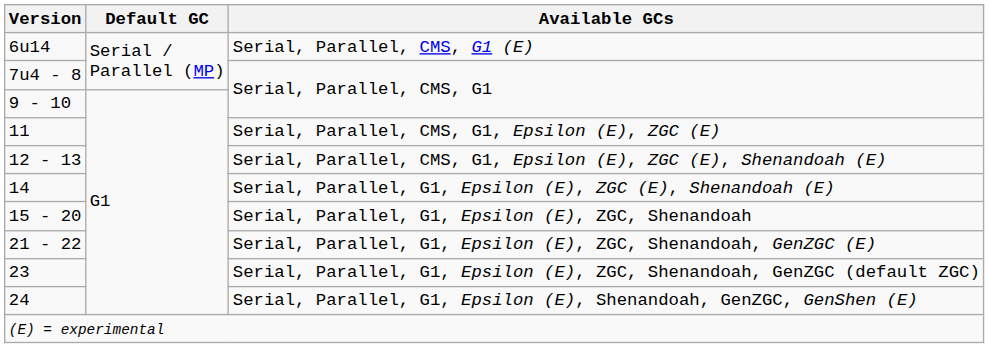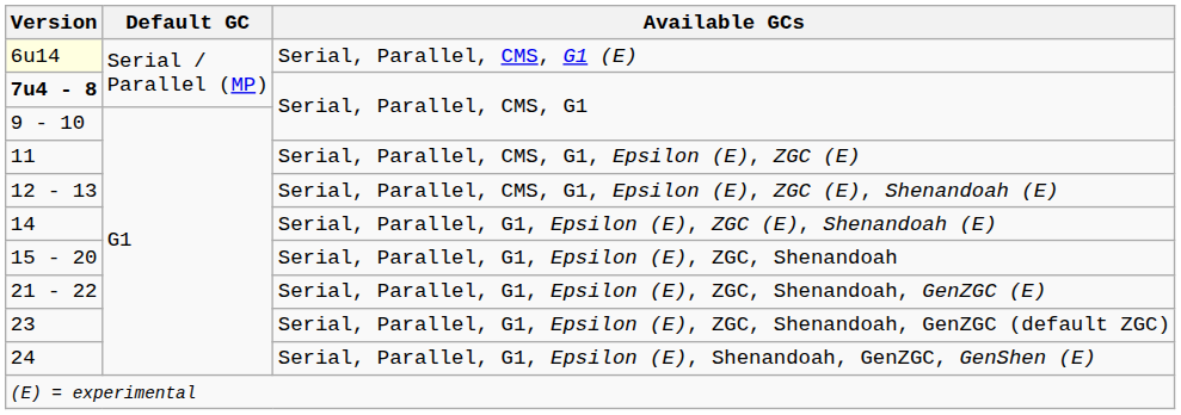 <table class="wikitable">
 <tr>
 <th>Version</th>
 <th>Default GC</th>
 <th>Available GCs</th>
 </tr>
 <tr>
-<td>6u14</td>
+<td style="background: lightyellow;">6u14</td>
 <td rowspan="2">Serial /<br>Parallel (<a href='#'>MP</a>)</td>
 <td>Serial, Parallel, <a href='#'>CMS</a>, <em><a href='#'>G1</a> (E)</em></td>
 </tr>
 <tr>
-<td>7u4 - 8</td>
+<td><strong>7u4 - 8</strong></td>
 <td rowspan="2">Serial, Parallel, CMS, G1</td>
 </tr>
 <tr>
 <td>9 - 10</td>
 <td rowspan="8">G1</td>
 </tr>
 <tr>
 <td>11</td>
 <td>Serial, Parallel, CMS, G1, <em>Epsilon (E)</em>, <em>ZGC (E)</em></td>
 </tr>
 <tr>
 <td>12 - 13</td>
 <td>Serial, Parallel, CMS, G1, <em>Epsilon (E)</em>, <em>ZGC (E)</em>, <em>Shenandoah (E)</em></td>
 </tr>
 <tr>
 <td>14</td>
 <td>Serial, Parallel, G1, <em>Epsilon (E)</em>, <em>ZGC (E)</em>, <em>Shenandoah (E)</em></td>
 </tr>
 <tr>
 <td>15 - 20</td>
 <td>Serial, Parallel, G1, <em>Epsilon (E)</em>, ZGC, Shenandoah</td>
 </tr>
 <tr>
 <td>21 - 22</td>
 <td>Serial, Parallel, G1, <em>Epsilon (E)</em>, ZGC, Shenandoah, <em>GenZGC (E)</em></td>
 </tr>
 <tr>
 <td>23</td>
 <td>Serial, Parallel, G1, <em>Epsilon (E)</em>, ZGC, Shenandoah, GenZGC (default ZGC)</td>
 </tr>
 <tr>
 <td>24</td>
 <td>Serial, Parallel, G1, <em>Epsilon (E)</em>, Shenandoah, GenZGC, <em>GenShen (E)</em></td>
 </tr>
 <tr>
 <td colspan="3"><small> <em>(E)</em> = <em>experimental</em></small></td>
 </tr>
 </table>
